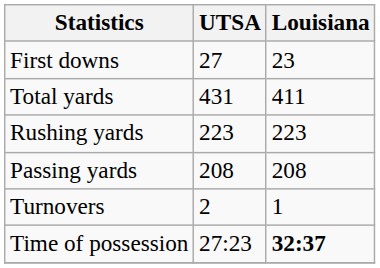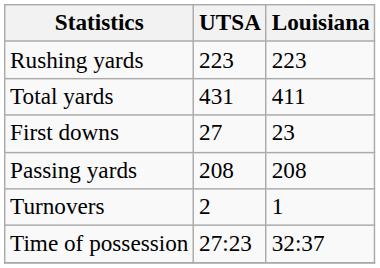 <table class="wikitable">
 <tr>
 <th>Statistics</th>
 <th>UTSA</th>
 <th>Louisiana</th>
 </tr>
 <tr>
-<td>First downs</td>
-<td>27</td>
-<td>23</td>
+<td>Rushing yards</td>
+<td>223</td>
+<td>223</td>
 </tr>
 <tr>
 <td>Total yards</td>
 <td>431</td>
 <td>411</td>
 </tr>
 <tr>
-<td>Rushing yards</td>
-<td>223</td>
-<td>223</td>
+<td>First downs</td>
+<td>27</td>
+<td>23</td>
 </tr>
 <tr>
 <td>Passing yards</td>
 <td>208</td>
 <td>208</td>
 </tr>
 <tr>
 <td>Turnovers</td>
 <td>2</td>
 <td>1</td>
 </tr>
 <tr>
 <td>Time of possession</td>
 <td>27:23</td>
-<td><strong>32:37</strong></td>
+<td>32:37</td>
 </tr>
 <tr>
 </tr>
 </table>
